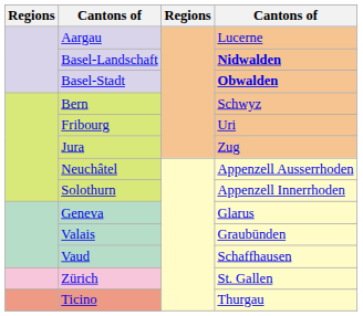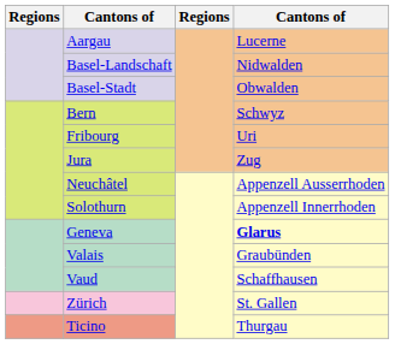 <table class="wikitable">
 <tr>
 <th>Regions</th>
 <th>Cantons of</th>
 <th>Regions</th>
 <th>Cantons of</th>
 </tr>
 <tr>
 <td rowspan="3" style="background: #d9d4e9;"></td>
 <td style="background: #d9d4e9;"><a href='#'>Aargau</a></td>
 <td rowspan="6" style="background: #f5c491;"></td>
 <td style="background: #f5c491;"><a href='#'>Lucerne</a></td>
 </tr>
 <tr>
 <td style="background: #d9d4e9;"><a href='#'>Basel-Landschaft</a></td>
-<td style="background: #f5c491;"><strong><a href='#'>Nidwalden</a></strong></td>
+<td style="background: #f5c491;"><a href='#'>Nidwalden</a></td>
 </tr>
 <tr>
 <td style="background: #d9d4e9;"><a href='#'>Basel-Stadt</a></td>
-<td style="background: #f5c491;"><strong><a href='#'>Obwalden</a></strong></td>
+<td style="background: #f5c491;"><a href='#'>Obwalden</a></td>
 </tr>
 <tr>
 <td rowspan="5" style="background: #d9e979;"></td>
 <td style="background: #d9e979;"><a href='#'>Bern</a></td>
 <td style="background: #f5c491;"><a href='#'>Schwyz</a></td>
 </tr>
 <tr>
 <td style="background: #d9e979;"><a href='#'>Fribourg</a></td>
 <td style="background: #f5c491;"><a href='#'>Uri</a></td>
 </tr>
 <tr>
 <td style="background: #d9e979;"><a href='#'>Jura</a></td>
 <td style="background: #f5c491;"><a href='#'>Zug</a></td>
 </tr>
 <tr>
 <td style="background: #d9e979;"><a href='#'>Neuchâtel</a></td>
 <td rowspan="7" style="background: #fffcc8;"></td>
 <td style="background: #fffcc8;"><a href='#'>Appenzell Ausserrhoden</a></td>
 </tr>
 <tr>
 <td style="background: #d9e979;"><a href='#'>Solothurn</a></td>
 <td style="background: #fffcc8;"><a href='#'>Appenzell Innerrhoden</a></td>
 </tr>
 <tr>
 <td rowspan="3" style="background: #b6ddc7;"></td>
 <td style="background: #b6ddc7;"><a href='#'>Geneva</a></td>
-<td style="background: #fffcc8;"><a href='#'>Glarus</a></td>
+<td style="background: #fffcc8;"><strong><a href='#'>Glarus</a></strong></td>
 </tr>
 <tr>
 <td style="background: #b6ddc7;"><a href='#'>Valais</a></td>
 <td style="background: #fffcc8;"><a href='#'>Graubünden</a></td>
 </tr>
 <tr>
 <td style="background: #b6ddc7;"><a href='#'>Vaud</a></td>
 <td style="background: #fffcc8;"><a href='#'>Schaffhausen</a></td>
 </tr>
 <tr>
 <td style="background: #f8c6db;"></td>
 <td style="background: #f8c6db;"><a href='#'>Zürich</a></td>
 <td style="background: #fffcc8;"><a href='#'>St. Gallen</a></td>
 </tr>
 <tr>
 <td style="background: #ee9a85;"></td>
 <td style="background: #ee9a85;"><a href='#'>Ticino</a></td>
 <td style="background: #fffcc8;"><a href='#'>Thurgau</a></td>
 </tr>
 </table>
